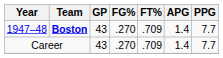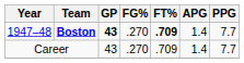 <table class="wikitable sortable" style="font-size:95%; text-align:right;">
 <tr>
 <th>Year</th>
 <th>Team</th>
 <th>GP</th>
 <th>FG%</th>
 <th>FT%</th>
 <th>APG</th>
 <th>PPG</th>
 </tr>
 <tr>
 <td style="text-align:left;"><a href='#'>1947–48</a></td>
 <td style="text-align:left;"><strong><a href='#'>Boston</a></strong></td>
-<td>43</td>
+<td><strong>43</strong></td>
 <td>.270</td>
-<td>.709</td>
+<td><strong>.709</strong></td>
 <td>1.4</td>
 <td>7.7</td>
 </tr>
 <tr>
 <td style="text-align:center;" colspan="2">Career</td>
 <td>43</td>
 <td>.270</td>
 <td>.709</td>
 <td>1.4</td>
 <td>7.7</td>
 </tr>
 <tr>
 </tr>
 </table>
